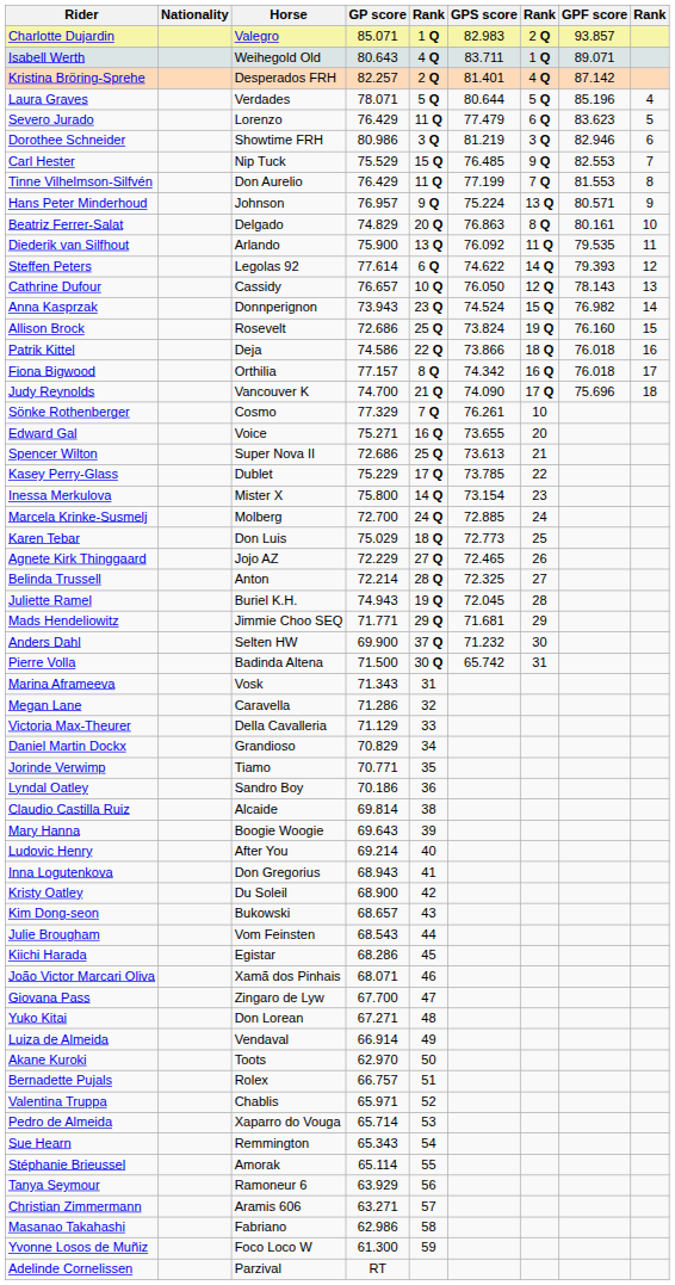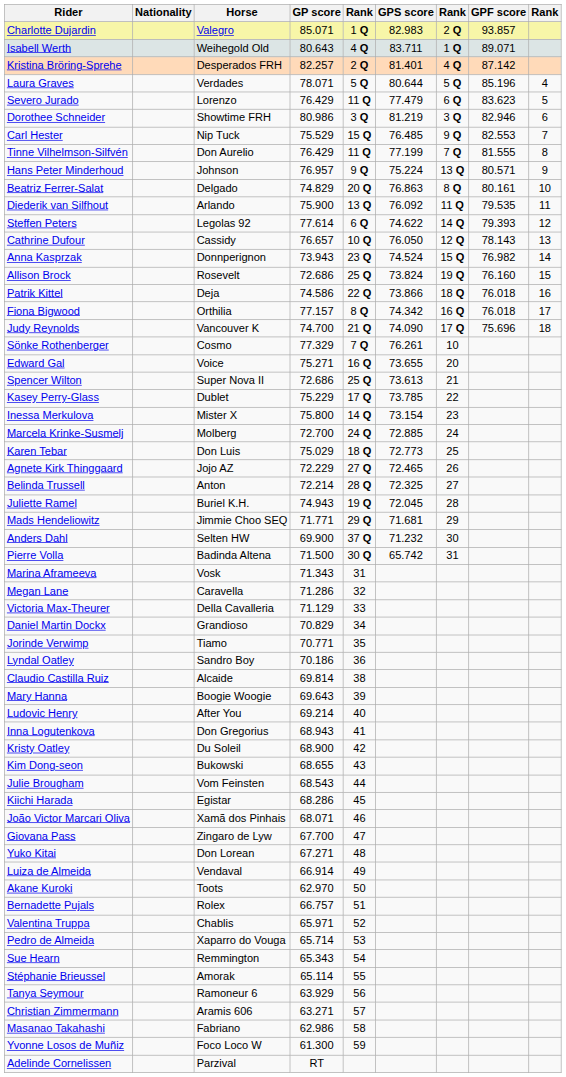 <table class="wikitable sortable" style="text-align:center">
 <tr>
 <th>Rider</th>
 <th>Nationality</th>
 <th>Horse</th>
 <th>GP score</th>
 <th data-sort-type="number">Rank</th>
 <th>GPS score</th>
 <th data-sort-type="number">Rank</th>
 <th>GPF score</th>
 <th data-sort-type="number">Rank</th>
 </tr>
 <tr style="background:#F7F6A8;”">
 <td align=left><a href='#'>Charlotte Dujardin</a></td>
 <td align=left></td>
 <td align=left><a href='#'>Valegro</a></td>
 <td>85.071</td>
 <td>1 <strong>Q</strong></td>
 <td>82.983</td>
 <td>2 <strong>Q</strong></td>
 <td>93.857</td>
 <td></td>
 </tr>
 <tr style="background:#DCE5E5;”">
 <td align=left><a href='#'>Isabell Werth</a></td>
 <td align=left></td>
 <td align=left>Weihegold Old</td>
 <td>80.643</td>
 <td>4 <strong>Q</strong></td>
 <td>83.711</td>
 <td>1 <strong>Q</strong></td>
 <td>89.071</td>
 <td></td>
 </tr>
 <tr style="background:#FFDAB9;">
 <td align=left><a href='#'>Kristina Bröring-Sprehe</a></td>
 <td align=left></td>
 <td align=left>Desperados FRH</td>
 <td>82.257</td>
 <td>2 <strong>Q</strong></td>
 <td>81.401</td>
 <td>4 <strong>Q</strong></td>
 <td>87.142</td>
 <td></td>
 </tr>
 <tr>
 <td align=left><a href='#'>Laura Graves</a></td>
 <td align=left></td>
 <td align=left>Verdades</td>
 <td>78.071</td>
 <td>5 <strong>Q</strong></td>
 <td>80.644</td>
 <td>5 <strong>Q</strong></td>
 <td>85.196</td>
 <td>4</td>
 </tr>
 <tr>
 <td align=left><a href='#'>Severo Jurado</a></td>
 <td align=left></td>
 <td align=left>Lorenzo</td>
 <td>76.429</td>
 <td>11 <strong>Q</strong></td>
 <td>77.479</td>
 <td>6 <strong>Q</strong></td>
 <td>83.623</td>
 <td>5</td>
 </tr>
 <tr>
 <td align=left><a href='#'>Dorothee Schneider</a></td>
 <td align=left></td>
 <td align=left>Showtime FRH</td>
 <td>80.986</td>
 <td>3 <strong>Q</strong></td>
 <td>81.219</td>
 <td>3 <strong>Q</strong></td>
 <td>82.946</td>
 <td>6</td>
 </tr>
 <tr>
 <td align=left><a href='#'>Carl Hester</a></td>
 <td align=left></td>
 <td align=left>Nip Tuck</td>
 <td>75.529</td>
 <td>15 <strong>Q</strong></td>
 <td>76.485</td>
 <td>9 <strong>Q</strong></td>
 <td>82.553</td>
 <td>7</td>
 </tr>
 <tr>
 <td align=left><a href='#'>Tinne Vilhelmson-Silfvén</a></td>
 <td align=left></td>
 <td align=left>Don Aurelio</td>
 <td>76.429</td>
 <td>11 <strong>Q</strong></td>
 <td>77.199</td>
 <td>7 <strong>Q</strong></td>
-<td>81.553</td>
+<td>81.555</td>
 <td>8</td>
 </tr>
 <tr>
 <td align=left><a href='#'>Hans Peter Minderhoud</a></td>
 <td align=left></td>
 <td align=left>Johnson</td>
 <td>76.957</td>
 <td>9 <strong>Q</strong></td>
 <td>75.224</td>
 <td>13 <strong>Q</strong></td>
 <td>80.571</td>
 <td>9</td>
 </tr>
 <tr>
 <td align=left><a href='#'>Beatriz Ferrer-Salat</a></td>
 <td align=left></td>
 <td align=left>Delgado</td>
 <td>74.829</td>
 <td>20 <strong>Q</strong></td>
 <td>76.863</td>
 <td>8 <strong>Q</strong></td>
 <td>80.161</td>
 <td>10</td>
 </tr>
 <tr>
 <td align=left><a href='#'>Diederik van Silfhout</a></td>
 <td align=left></td>
 <td align=left>Arlando</td>
 <td>75.900</td>
 <td>13 <strong>Q</strong></td>
 <td>76.092</td>
 <td>11 <strong>Q</strong></td>
 <td>79.535</td>
 <td>11</td>
 </tr>
 <tr>
 <td align=left><a href='#'>Steffen Peters</a></td>
 <td align=left></td>
 <td align=left>Legolas 92</td>
 <td>77.614</td>
 <td>6 <strong>Q</strong></td>
 <td>74.622</td>
 <td>14 <strong>Q</strong></td>
 <td>79.393</td>
 <td>12</td>
 </tr>
 <tr>
 <td align=left><a href='#'>Cathrine Dufour</a></td>
 <td align=left></td>
 <td align=left>Cassidy</td>
 <td>76.657</td>
 <td>10 <strong>Q</strong></td>
 <td>76.050</td>
 <td>12 <strong>Q</strong></td>
 <td>78.143</td>
 <td>13</td>
 </tr>
 <tr>
 <td align=left><a href='#'>Anna Kasprzak</a></td>
 <td align=left></td>
 <td align=left>Donnperignon</td>
 <td>73.943</td>
 <td>23 <strong>Q</strong></td>
 <td>74.524</td>
 <td>15 <strong>Q</strong></td>
 <td>76.982</td>
 <td>14</td>
 </tr>
 <tr>
 <td align=left><a href='#'>Allison Brock</a></td>
 <td align=left></td>
 <td align=left>Rosevelt</td>
 <td>72.686</td>
 <td>25 <strong>Q</strong></td>
 <td>73.824</td>
 <td>19 <strong>Q</strong></td>
 <td>76.160</td>
 <td>15</td>
 </tr>
 <tr>
 <td align=left><a href='#'>Patrik Kittel</a></td>
 <td align=left></td>
 <td align=left>Deja</td>
 <td>74.586</td>
 <td>22 <strong>Q</strong></td>
 <td>73.866</td>
 <td>18 <strong>Q</strong></td>
 <td>76.018</td>
 <td>16</td>
 </tr>
 <tr>
 <td align=left><a href='#'>Fiona Bigwood</a></td>
 <td align=left></td>
 <td align=left>Orthilia</td>
 <td>77.157</td>
 <td>8 <strong>Q</strong></td>
 <td>74.342</td>
 <td>16 <strong>Q</strong></td>
 <td>76.018</td>
 <td>17</td>
 </tr>
 <tr>
 <td align=left><a href='#'>Judy Reynolds</a></td>
 <td align=left></td>
 <td align=left>Vancouver K</td>
 <td>74.700</td>
 <td>21 <strong>Q</strong></td>
 <td>74.090</td>
 <td>17 <strong>Q</strong></td>
 <td>75.696</td>
 <td>18</td>
 </tr>
 <tr>
 <td align=left><a href='#'>Sönke Rothenberger</a></td>
 <td align=left></td>
 <td align=left>Cosmo</td>
 <td>77.329</td>
 <td>7 <strong>Q</strong></td>
 <td>76.261</td>
 <td>10</td>
 <td></td>
 <td></td>
 </tr>
 <tr>
 <td align=left><a href='#'>Edward Gal</a></td>
 <td align=left></td>
 <td align=left>Voice</td>
 <td>75.271</td>
 <td>16 <strong>Q</strong></td>
 <td>73.655</td>
 <td>20</td>
 <td></td>
 <td></td>
 </tr>
 <tr>
 <td align=left><a href='#'>Spencer Wilton</a></td>
 <td align=left></td>
 <td align=left>Super Nova II</td>
 <td>72.686</td>
 <td>25 <strong>Q</strong></td>
 <td>73.613</td>
 <td>21</td>
 <td></td>
 <td></td>
 </tr>
 <tr>
 <td align=left><a href='#'>Kasey Perry-Glass</a></td>
 <td align=left></td>
 <td align=left>Dublet</td>
 <td>75.229</td>
 <td>17 <strong>Q</strong></td>
 <td>73.785</td>
 <td>22</td>
 <td></td>
 <td></td>
 </tr>
 <tr>
 <td align=left><a href='#'>Inessa Merkulova</a></td>
 <td align=left></td>
 <td align=left>Mister X</td>
 <td>75.800</td>
 <td>14 <strong>Q</strong></td>
 <td>73.154</td>
 <td>23</td>
 <td></td>
 <td></td>
 </tr>
 <tr>
 <td align=left><a href='#'>Marcela Krinke-Susmelj</a></td>
 <td align=left></td>
 <td align=left>Molberg</td>
 <td>72.700</td>
 <td>24 <strong>Q</strong></td>
 <td>72.885</td>
 <td>24</td>
 <td></td>
 <td></td>
 </tr>
 <tr>
 <td align=left><a href='#'>Karen Tebar</a></td>
 <td align=left></td>
 <td align=left>Don Luis</td>
 <td>75.029</td>
 <td>18 <strong>Q</strong></td>
 <td>72.773</td>
 <td>25</td>
 <td></td>
 <td></td>
 </tr>
 <tr>
 <td align=left><a href='#'>Agnete Kirk Thinggaard</a></td>
 <td align=left></td>
 <td align=left>Jojo AZ</td>
 <td>72.229</td>
 <td>27 <strong>Q</strong></td>
 <td>72.465</td>
 <td>26</td>
 <td></td>
 <td></td>
 </tr>
 <tr>
 <td align=left><a href='#'>Belinda Trussell</a></td>
 <td align=left></td>
 <td align=left>Anton</td>
 <td>72.214</td>
 <td>28 <strong>Q</strong></td>
 <td>72.325</td>
 <td>27</td>
 <td></td>
 <td></td>
 </tr>
 <tr>
 <td align=left><a href='#'>Juliette Ramel</a></td>
 <td align=left></td>
 <td align=left>Buriel K.H.</td>
 <td>74.943</td>
 <td>19 <strong>Q</strong></td>
 <td>72.045</td>
 <td>28</td>
 <td></td>
 <td></td>
 </tr>
 <tr>
 <td align=left><a href='#'>Mads Hendeliowitz</a></td>
 <td align=left></td>
 <td align=left>Jimmie Choo SEQ</td>
 <td>71.771</td>
 <td>29 <strong>Q</strong></td>
 <td>71.681</td>
 <td>29</td>
 <td></td>
 <td></td>
 </tr>
 <tr>
 <td align=left><a href='#'>Anders Dahl</a></td>
 <td align=left></td>
 <td align=left>Selten HW</td>
 <td>69.900</td>
 <td>37 <strong>Q</strong></td>
 <td>71.232</td>
 <td>30</td>
 <td></td>
 <td></td>
 </tr>
 <tr>
 <td align=left><a href='#'>Pierre Volla</a></td>
 <td align=left></td>
 <td align=left>Badinda Altena</td>
 <td>71.500</td>
 <td>30 <strong>Q</strong></td>
 <td>65.742</td>
 <td>31</td>
 <td></td>
 <td></td>
 </tr>
 <tr>
 <td align=left><a href='#'>Marina Aframeeva</a></td>
 <td align=left></td>
 <td align=left>Vosk</td>
 <td>71.343</td>
 <td>31</td>
 <td></td>
 <td></td>
 <td></td>
 <td></td>
 </tr>
 <tr>
 <td align=left><a href='#'>Megan Lane</a></td>
 <td align=left></td>
 <td align=left>Caravella</td>
 <td>71.286</td>
 <td>32</td>
 <td></td>
 <td></td>
 <td></td>
 <td></td>
 </tr>
 <tr>
 <td align=left><a href='#'>Victoria Max-Theurer</a></td>
 <td align=left></td>
 <td align=left>Della Cavalleria</td>
 <td>71.129</td>
 <td>33</td>
 <td></td>
 <td></td>
 <td></td>
 <td></td>
 </tr>
 <tr>
 <td align=left><a href='#'>Daniel Martin Dockx</a></td>
 <td align=left></td>
 <td align=left>Grandioso</td>
 <td>70.829</td>
 <td>34</td>
 <td></td>
 <td></td>
 <td></td>
 <td></td>
 </tr>
 <tr>
 <td align=left><a href='#'>Jorinde Verwimp</a></td>
 <td align=left></td>
 <td align=left>Tiamo</td>
 <td>70.771</td>
 <td>35</td>
 <td></td>
 <td></td>
 <td></td>
 <td></td>
 </tr>
 <tr>
 <td align=left><a href='#'>Lyndal Oatley</a></td>
 <td align=left></td>
 <td align=left>Sandro Boy</td>
 <td>70.186</td>
 <td>36</td>
 <td></td>
 <td></td>
 <td></td>
 <td></td>
 </tr>
 <tr>
 <td align=left><a href='#'>Claudio Castilla Ruiz</a></td>
 <td align=left></td>
 <td align=left>Alcaide</td>
 <td>69.814</td>
 <td>38</td>
 <td></td>
 <td></td>
 <td></td>
 <td></td>
 </tr>
 <tr>
 <td align=left><a href='#'>Mary Hanna</a></td>
 <td align=left></td>
 <td align=left>Boogie Woogie</td>
 <td>69.643</td>
 <td>39</td>
 <td></td>
 <td></td>
 <td></td>
 <td></td>
 </tr>
 <tr>
 <td align=left><a href='#'>Ludovic Henry</a></td>
 <td align=left></td>
 <td align=left>After You</td>
 <td>69.214</td>
 <td>40</td>
 <td></td>
 <td></td>
 <td></td>
 <td></td>
 </tr>
 <tr>
 <td align=left><a href='#'>Inna Logutenkova</a></td>
 <td align=left></td>
 <td align=left>Don Gregorius</td>
 <td>68.943</td>
 <td>41</td>
 <td></td>
 <td></td>
 <td></td>
 <td></td>
 </tr>
 <tr>
 <td align=left><a href='#'>Kristy Oatley</a></td>
 <td align=left></td>
 <td align=left>Du Soleil</td>
 <td>68.900</td>
 <td>42</td>
 <td></td>
 <td></td>
 <td></td>
 <td></td>
 </tr>
 <tr>
 <td align=left><a href='#'>Kim Dong-seon</a></td>
 <td align=left></td>
 <td align=left>Bukowski</td>
-<td>68.657</td>
+<td>68.655</td>
 <td>43</td>
 <td></td>
 <td></td>
 <td></td>
 <td></td>
 </tr>
 <tr>
 <td align=left><a href='#'>Julie Brougham</a></td>
 <td align=left></td>
 <td align=left>Vom Feinsten</td>
 <td>68.543</td>
 <td>44</td>
 <td></td>
 <td></td>
 <td></td>
 <td></td>
 </tr>
 <tr>
 <td align=left><a href='#'>Kiichi Harada</a></td>
 <td align=left></td>
 <td align=left>Egistar</td>
 <td>68.286</td>
 <td>45</td>
 <td></td>
 <td></td>
 <td></td>
 <td></td>
 </tr>
 <tr>
 <td align=left><a href='#'>João Victor Marcari Oliva</a></td>
 <td align=left></td>
 <td align=left>Xamã dos Pinhais</td>
 <td>68.071</td>
 <td>46</td>
 <td></td>
 <td></td>
 <td></td>
 <td></td>
 </tr>
 <tr>
 <td align=left><a href='#'>Giovana Pass</a></td>
 <td align=left></td>
 <td align=left>Zingaro de Lyw</td>
 <td>67.700</td>
 <td>47</td>
 <td></td>
 <td></td>
 <td></td>
 <td></td>
 </tr>
 <tr>
 <td align=left><a href='#'>Yuko Kitai</a></td>
 <td align=left></td>
 <td align=left>Don Lorean</td>
 <td>67.271</td>
 <td>48</td>
 <td></td>
 <td></td>
 <td></td>
 <td></td>
 </tr>
 <tr>
 <td align=left><a href='#'>Luiza de Almeida</a></td>
 <td align=left></td>
 <td align=left>Vendaval</td>
 <td>66.914</td>
 <td>49</td>
 <td></td>
 <td></td>
 <td></td>
 <td></td>
 </tr>
 <tr>
 <td align=left><a href='#'>Akane Kuroki</a></td>
 <td align=left></td>
 <td align=left>Toots</td>
 <td>62.970</td>
 <td>50</td>
 <td></td>
 <td></td>
 <td></td>
 <td></td>
 </tr>
 <tr>
 <td align=left><a href='#'>Bernadette Pujals</a></td>
 <td align=left></td>
 <td align=left>Rolex</td>
 <td>66.757</td>
 <td>51</td>
 <td></td>
 <td></td>
 <td></td>
 <td></td>
 </tr>
 <tr>
 <td align=left><a href='#'>Valentina Truppa</a></td>
 <td align=left></td>
 <td align=left>Chablis</td>
 <td>65.971</td>
 <td>52</td>
 <td></td>
 <td></td>
 <td></td>
 <td></td>
 </tr>
 <tr>
 <td align=left><a href='#'>Pedro de Almeida</a></td>
 <td align=left></td>
 <td align=left>Xaparro do Vouga</td>
 <td>65.714</td>
 <td>53</td>
 <td></td>
 <td></td>
 <td></td>
 <td></td>
 </tr>
 <tr>
 <td align=left><a href='#'>Sue Hearn</a></td>
 <td align=left></td>
 <td align=left>Remmington</td>
 <td>65.343</td>
 <td>54</td>
 <td></td>
 <td></td>
 <td></td>
 <td></td>
 </tr>
 <tr>
 <td align=left><a href='#'>Stéphanie Brieussel</a></td>
 <td align=left></td>
 <td align=left>Amorak</td>
 <td>65.114</td>
 <td>55</td>
 <td></td>
 <td></td>
 <td></td>
 <td></td>
 </tr>
 <tr>
 <td align=left><a href='#'>Tanya Seymour</a></td>
 <td align=left></td>
 <td align=left>Ramoneur 6</td>
 <td>63.929</td>
 <td>56</td>
 <td></td>
 <td></td>
 <td></td>
 <td></td>
 </tr>
 <tr>
 <td align=left><a href='#'>Christian Zimmermann</a></td>
 <td align=left></td>
 <td align=left>Aramis 606</td>
 <td>63.271</td>
 <td>57</td>
 <td></td>
 <td></td>
 <td></td>
 <td></td>
 </tr>
 <tr>
 <td align=left><a href='#'>Masanao Takahashi</a></td>
 <td align=left></td>
 <td align=left>Fabriano</td>
 <td>62.986</td>
 <td>58</td>
 <td></td>
 <td></td>
 <td></td>
 <td></td>
 </tr>
 <tr>
 <td align=left><a href='#'>Yvonne Losos de Muñiz</a></td>
 <td align=left></td>
 <td align=left>Foco Loco W</td>
 <td>61.300</td>
 <td>59</td>
 <td></td>
 <td></td>
 <td></td>
 <td></td>
 </tr>
 <tr>
 <td align=left><a href='#'>Adelinde Cornelissen</a></td>
 <td align=left></td>
 <td align=left>Parzival</td>
 <td>RT</td>
 <td></td>
 <td></td>
 <td></td>
 <td></td>
 <td></td>
 </tr>
 </table>
